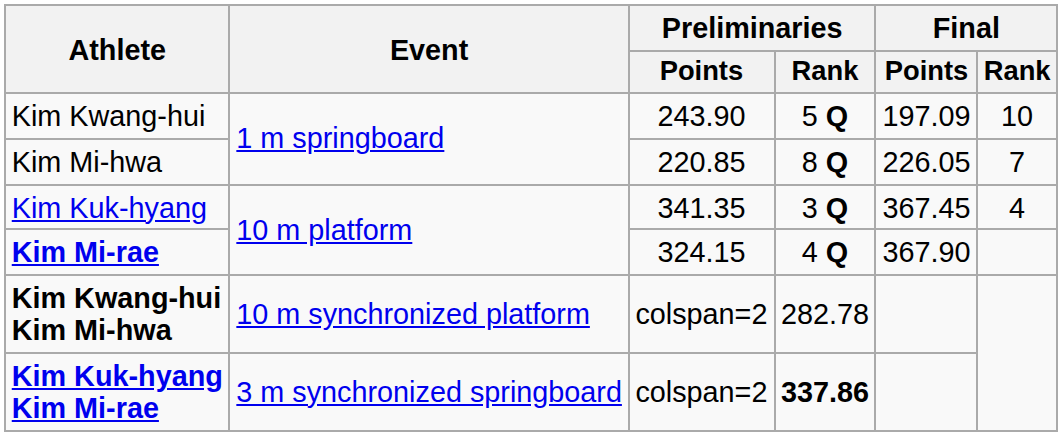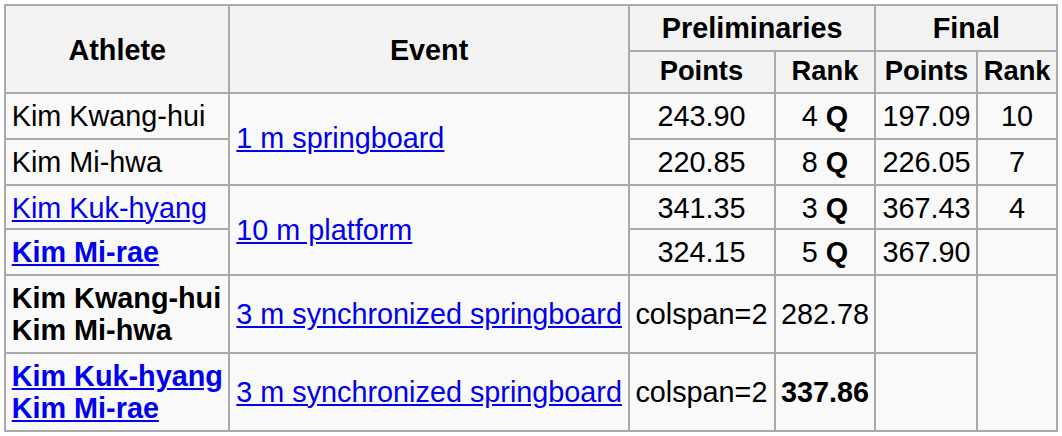 <table class=wikitable style=font-size:90%;text-align:center>
 <tr>
 <th rowspan="2">Athlete</th>
 <th rowspan="2">Event</th>
 <th colspan="2">Preliminaries</th>
 <th colspan="2">Final</th>
 </tr>
 <tr style="font-size:95%">
 <th>Points</th>
 <th>Rank</th>
 <th>Points</th>
 <th>Rank</th>
 </tr>
 <tr>
 <td align=left>Kim Kwang-hui</td>
 <td align=left rowspan=2><a href='#'>1 m springboard</a></td>
 <td>243.90</td>
-<td>5 <strong>Q</strong></td>
+<td>4 <strong>Q</strong></td>
 <td>197.09</td>
 <td>10</td>
 </tr>
 <tr>
 <td align=left>Kim Mi-hwa</td>
 <td>220.85</td>
 <td>8 <strong>Q</strong></td>
 <td>226.05</td>
 <td>7</td>
 </tr>
 <tr>
 <td align=left><a href='#'>Kim Kuk-hyang</a></td>
 <td align=left rowspan=2><a href='#'>10 m platform</a></td>
 <td>341.35</td>
 <td>3 <strong>Q</strong></td>
-<td>367.45</td>
+<td>367.43</td>
 <td>4</td>
 </tr>
 <tr>
 <td align=left><strong><a href='#'>Kim Mi-rae</a></strong></td>
 <td>324.15</td>
-<td>4 <strong>Q</strong></td>
+<td>5 <strong>Q</strong></td>
 <td>367.90</td>
 <td></td>
 </tr>
 <tr>
 <td align=left><strong>Kim Kwang-hui<br>Kim Mi-hwa</strong></td>
-<td align=left><a href='#'>10 m synchronized platform</a></td>
+<td align=left><a href='#'>3 m synchronized springboard</a></td>
 <td>colspan=2 </td>
 <td>282.78</td>
 <td></td>
 </tr>
 <tr>
 <td align=left><strong><a href='#'>Kim Kuk-hyang</a><br><a href='#'>Kim Mi-rae</a></strong></td>
 <td align=left><a href='#'>3 m synchronized springboard</a></td>
 <td>colspan=2 </td>
 <td><strong>337.86</strong></td>
 <td></td>
 </tr>
 </table>
